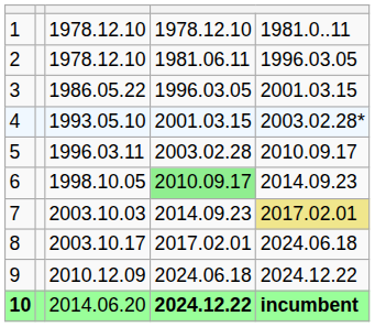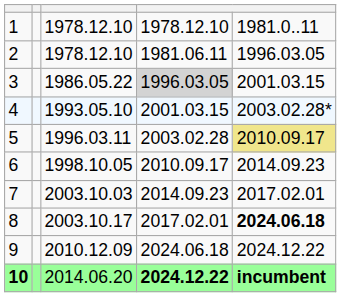 <table class="wikitable sortable">
 <tr>
 <th></th>
 <th></th>
 <th></th>
 <th colspan="2"></th>
 </tr>
 <tr>
 <td>1</td>
 <td></td>
 <td>1978.12.10</td>
 <td>1978.12.10</td>
 <td>1981.0..11</td>
 </tr>
 <tr>
 <td>2</td>
 <td></td>
 <td>1978.12.10</td>
 <td>1981.06.11</td>
 <td>1996.03.05</td>
 </tr>
 <tr>
 <td>3</td>
 <td></td>
 <td>1986.05.22</td>
-<td>1996.03.05</td>
+<td style="background: lightgrey;">1996.03.05</td>
 <td>2001.03.15</td>
 </tr>
 <tr style="background: #f0f8ff">
 <td>4</td>
 <td></td>
 <td>1993.05.10</td>
 <td>2001.03.15</td>
 <td>2003.02.28*</td>
 </tr>
 <tr>
 <td>5</td>
 <td></td>
 <td>1996.03.11</td>
 <td>2003.02.28</td>
-<td>2010.09.17</td>
+<td style="background: khaki;">2010.09.17</td>
 </tr>
 <tr>
 <td>6</td>
 <td></td>
 <td>1998.10.05</td>
-<td style="background: lightgreen;">2010.09.17</td>
+<td>2010.09.17</td>
 <td>2014.09.23 </td>
 </tr>
 <tr>
 <td>7</td>
 <td></td>
 <td>2003.10.03</td>
 <td>2014.09.23</td>
-<td style="background: khaki;">2017.02.01 </td>
+<td>2017.02.01 </td>
 </tr>
 <tr>
 <td>8</td>
 <td></td>
 <td>2003.10.17</td>
 <td>2017.02.01</td>
-<td>2024.06.18</td>
+<td><strong>2024.06.18</strong></td>
 </tr>
 <tr>
 <td>9</td>
 <td></td>
 <td>2010.12.09</td>
 <td>2024.06.18</td>
 <td>2024.12.22</td>
 </tr>
 <tr bgcolor="#99FF99" |>
 <td><strong>10</strong></td>
 <td><strong></strong></td>
 <td>2014.06.20</td>
 <td><strong>2024.12.22</strong></td>
 <td><strong>incumbent</strong></td>
 </tr>
 </table>
